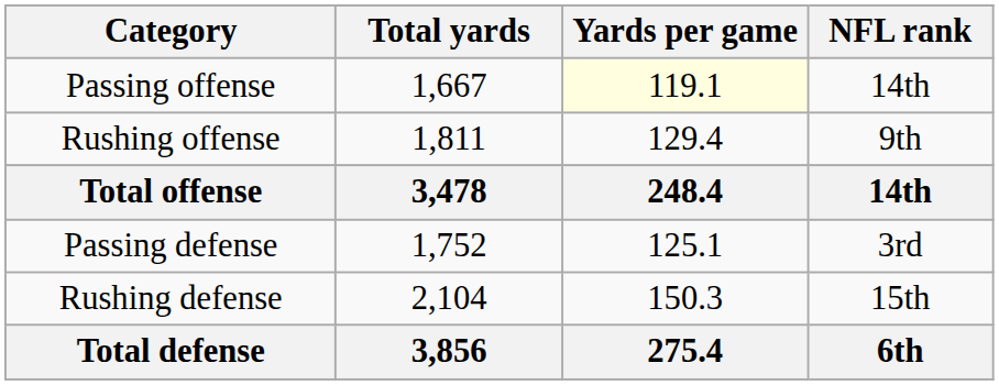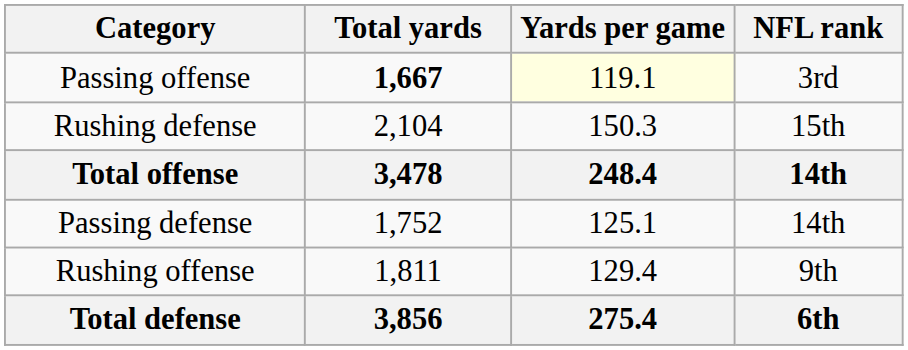 <table class="wikitable" style="text-align:center">
 <tr>
 <th width=150px>Category</th>
 <th width=100px>Total yards</th>
 <th width=110px>Yards per game</th>
 <th width=80px>NFL rank<br></th>
 </tr>
 <tr>
 <td>Passing offense</td>
-<td>1,667</td>
+<td><strong>1,667</strong></td>
 <td style="background: lightyellow;">119.1</td>
-<td>14th</td>
+<td>3rd</td>
 </tr>
 <tr>
-<td>Rushing offense</td>
-<td>1,811</td>
-<td>129.4</td>
-<td>9th</td>
+<td>Rushing defense</td>
+<td>2,104</td>
+<td>150.3</td>
+<td>15th</td>
 </tr>
 <tr>
 <th>Total offense</th>
 <th>3,478</th>
 <th>248.4</th>
 <th>14th</th>
 </tr>
 <tr>
 <td>Passing defense</td>
 <td>1,752</td>
 <td>125.1</td>
-<td>3rd</td>
+<td>14th</td>
 </tr>
 <tr>
-<td>Rushing defense</td>
-<td>2,104</td>
-<td>150.3</td>
-<td>15th</td>
+<td>Rushing offense</td>
+<td>1,811</td>
+<td>129.4</td>
+<td>9th</td>
 </tr>
 <tr>
 <th>Total defense</th>
 <th>3,856</th>
 <th>275.4</th>
 <th>6th</th>
 </tr>
 </table>
